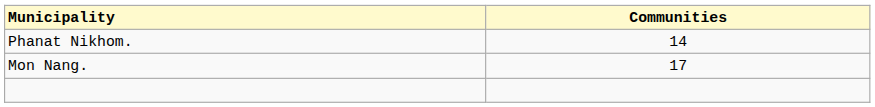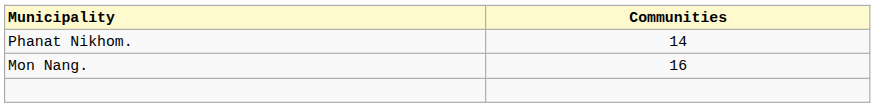 <table class="wikitable" style="width:48%; display:inline-table;">
 <tr>
 <td style= "background: #fffacd;"><strong>Municipality</strong></td>
 <td style= "background: #fffacd; text-align:center;"><strong>Communities</strong></td>
 </tr>
 <tr>
 <td>Phanat Nikhom.</td>
 <td style="text-align:center;">14</td>
 </tr>
 <tr>
 <td>Mon Nang.</td>
-<td style="text-align:center;">17</td>
+<td style="text-align:center;">16</td>
 </tr>
 <tr>
 <td> </td>
 <td> </td>
 </tr>
 </table>
